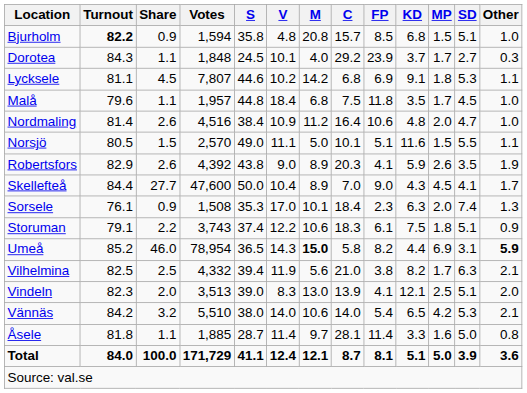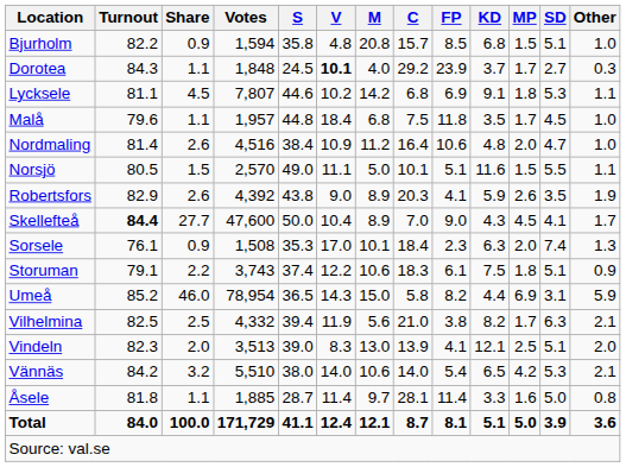 <table class="wikitable sortable" style=text-align:right>
 <tr>
 <th>Location</th>
 <th>Turnout</th>
 <th>Share</th>
 <th>Votes</th>
 <th><a href='#'>S</a></th>
 <th><a href='#'>V</a></th>
 <th><a href='#'>M</a></th>
 <th><a href='#'>C</a></th>
 <th><a href='#'>FP</a></th>
 <th><a href='#'>KD</a></th>
 <th><a href='#'>MP</a></th>
 <th><a href='#'>SD</a></th>
 <th>Other</th>
 </tr>
 <tr>
 <td align=left><a href='#'>Bjurholm</a></td>
-<td><strong>82.2</strong></td>
+<td>82.2</td>
 <td>0.9</td>
 <td>1,594</td>
 <td>35.8</td>
 <td>4.8</td>
 <td>20.8</td>
 <td>15.7</td>
 <td>8.5</td>
 <td>6.8</td>
 <td>1.5</td>
 <td>5.1</td>
 <td>1.0</td>
 </tr>
 <tr>
 <td align=left><a href='#'>Dorotea</a></td>
 <td>84.3</td>
 <td>1.1</td>
 <td>1,848</td>
 <td>24.5</td>
-<td>10.1</td>
+<td><strong>10.1</strong></td>
 <td>4.0</td>
 <td>29.2</td>
 <td>23.9</td>
 <td>3.7</td>
 <td>1.7</td>
 <td>2.7</td>
 <td>0.3</td>
 </tr>
 <tr>
 <td align=left><a href='#'>Lycksele</a></td>
 <td>81.1</td>
 <td>4.5</td>
 <td>7,807</td>
 <td>44.6</td>
 <td>10.2</td>
 <td>14.2</td>
 <td>6.8</td>
 <td>6.9</td>
 <td>9.1</td>
 <td>1.8</td>
 <td>5.3</td>
 <td>1.1</td>
 </tr>
 <tr>
 <td align=left><a href='#'>Malå</a></td>
 <td>79.6</td>
 <td>1.1</td>
 <td>1,957</td>
 <td>44.8</td>
 <td>18.4</td>
 <td>6.8</td>
 <td>7.5</td>
 <td>11.8</td>
 <td>3.5</td>
 <td>1.7</td>
 <td>4.5</td>
 <td>1.0</td>
 </tr>
 <tr>
 <td align=left><a href='#'>Nordmaling</a></td>
 <td>81.4</td>
 <td>2.6</td>
 <td>4,516</td>
 <td>38.4</td>
 <td>10.9</td>
 <td>11.2</td>
 <td>16.4</td>
 <td>10.6</td>
 <td>4.8</td>
 <td>2.0</td>
 <td>4.7</td>
 <td>1.0</td>
 </tr>
 <tr>
 <td align=left><a href='#'>Norsjö</a></td>
 <td>80.5</td>
 <td>1.5</td>
 <td>2,570</td>
 <td>49.0</td>
 <td>11.1</td>
 <td>5.0</td>
 <td>10.1</td>
 <td>5.1</td>
 <td>11.6</td>
 <td>1.5</td>
 <td>5.5</td>
 <td>1.1</td>
 </tr>
 <tr>
 <td align=left><a href='#'>Robertsfors</a></td>
 <td>82.9</td>
 <td>2.6</td>
 <td>4,392</td>
 <td>43.8</td>
 <td>9.0</td>
 <td>8.9</td>
 <td>20.3</td>
 <td>4.1</td>
 <td>5.9</td>
 <td>2.6</td>
 <td>3.5</td>
 <td>1.9</td>
 </tr>
 <tr>
 <td align=left><a href='#'>Skellefteå</a></td>
-<td>84.4</td>
+<td><strong>84.4</strong></td>
 <td>27.7</td>
 <td>47,600</td>
 <td>50.0</td>
 <td>10.4</td>
 <td>8.9</td>
 <td>7.0</td>
 <td>9.0</td>
 <td>4.3</td>
 <td>4.5</td>
 <td>4.1</td>
 <td>1.7</td>
 </tr>
 <tr>
 <td align=left><a href='#'>Sorsele</a></td>
 <td>76.1</td>
 <td>0.9</td>
 <td>1,508</td>
 <td>35.3</td>
 <td>17.0</td>
 <td>10.1</td>
 <td>18.4</td>
 <td>2.3</td>
 <td>6.3</td>
 <td>2.0</td>
 <td>7.4</td>
 <td>1.3</td>
 </tr>
 <tr>
 <td align=left><a href='#'>Storuman</a></td>
 <td>79.1</td>
 <td>2.2</td>
 <td>3,743</td>
 <td>37.4</td>
 <td>12.2</td>
 <td>10.6</td>
 <td>18.3</td>
 <td>6.1</td>
 <td>7.5</td>
 <td>1.8</td>
 <td>5.1</td>
 <td>0.9</td>
 </tr>
 <tr>
 <td align=left><a href='#'>Umeå</a></td>
 <td>85.2</td>
 <td>46.0</td>
 <td>78,954</td>
 <td>36.5</td>
 <td>14.3</td>
-<td><strong>15.0</strong></td>
+<td>15.0</td>
 <td>5.8</td>
 <td>8.2</td>
 <td>4.4</td>
 <td>6.9</td>
 <td>3.1</td>
-<td><strong>5.9</strong></td>
+<td>5.9</td>
 </tr>
 <tr>
 <td align=left><a href='#'>Vilhelmina</a></td>
 <td>82.5</td>
 <td>2.5</td>
 <td>4,332</td>
 <td>39.4</td>
 <td>11.9</td>
 <td>5.6</td>
 <td>21.0</td>
 <td>3.8</td>
 <td>8.2</td>
 <td>1.7</td>
 <td>6.3</td>
 <td>2.1</td>
 </tr>
 <tr>
 <td align=left><a href='#'>Vindeln</a></td>
 <td>82.3</td>
 <td>2.0</td>
 <td>3,513</td>
 <td>39.0</td>
 <td>8.3</td>
 <td>13.0</td>
 <td>13.9</td>
 <td>4.1</td>
 <td>12.1</td>
 <td>2.5</td>
 <td>5.1</td>
 <td>2.0</td>
 </tr>
 <tr>
 <td align=left><a href='#'>Vännäs</a></td>
 <td>84.2</td>
 <td>3.2</td>
 <td>5,510</td>
 <td>38.0</td>
 <td>14.0</td>
 <td>10.6</td>
 <td>14.0</td>
 <td>5.4</td>
 <td>6.5</td>
 <td>4.2</td>
 <td>5.3</td>
 <td>2.1</td>
 </tr>
 <tr>
 <td align=left><a href='#'>Åsele</a></td>
 <td>81.8</td>
 <td>1.1</td>
 <td>1,885</td>
 <td>28.7</td>
 <td>11.4</td>
 <td>9.7</td>
 <td>28.1</td>
 <td>11.4</td>
 <td>3.3</td>
 <td>1.6</td>
 <td>5.0</td>
 <td>0.8</td>
 </tr>
 <tr>
 <td align=left><strong>Total</strong></td>
 <td><strong>84.0</strong></td>
 <td><strong>100.0</strong></td>
 <td><strong>171,729</strong></td>
 <td><strong>41.1</strong></td>
 <td><strong>12.4</strong></td>
 <td><strong>12.1</strong></td>
 <td><strong>8.7</strong></td>
 <td><strong>8.1</strong></td>
 <td><strong>5.1</strong></td>
 <td><strong>5.0</strong></td>
 <td><strong>3.9</strong></td>
 <td><strong>3.6</strong></td>
 </tr>
 <tr>
 <td align=left colspan=13>Source: val.se</td>
 </tr>
 </table>
